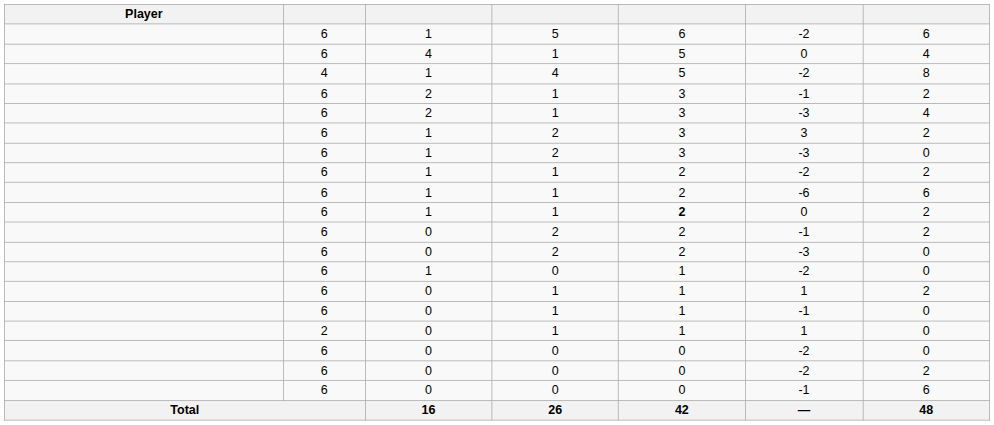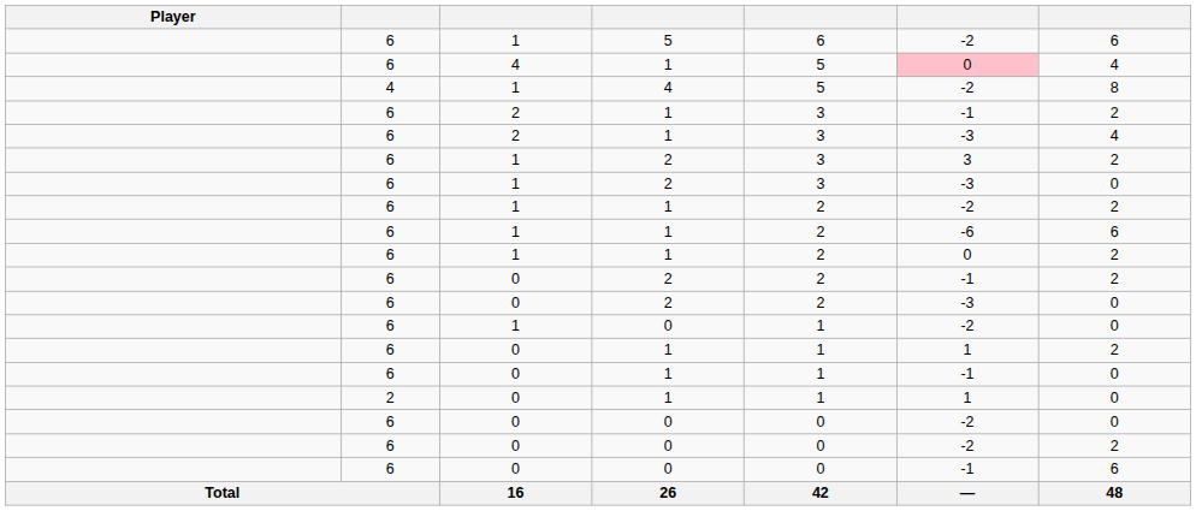 <table class="wikitable sortable" style="width:100%; text-align:center;">
 <tr>
 <th>Player</th>
 <th></th>
 <th></th>
 <th></th>
 <th></th>
 <th data-sort-type="number"></th>
 <th></th>
 </tr>
 <tr>
 <td></td>
 <td>6</td>
 <td>1</td>
 <td>5</td>
 <td>6</td>
 <td>-2</td>
 <td>6</td>
 </tr>
 <tr>
 <td></td>
 <td>6</td>
 <td>4</td>
 <td>1</td>
 <td>5</td>
-<td>0</td>
+<td style="background: pink;">0</td>
 <td>4</td>
 </tr>
 <tr>
 <td></td>
 <td>4</td>
 <td>1</td>
 <td>4</td>
 <td>5</td>
 <td>-2</td>
 <td>8</td>
 </tr>
 <tr>
 <td></td>
 <td>6</td>
 <td>2</td>
 <td>1</td>
 <td>3</td>
 <td>-1</td>
 <td>2</td>
 </tr>
 <tr>
 <td></td>
 <td>6</td>
 <td>2</td>
 <td>1</td>
 <td>3</td>
 <td>-3</td>
 <td>4</td>
 </tr>
 <tr>
 <td></td>
 <td>6</td>
 <td>1</td>
 <td>2</td>
 <td>3</td>
 <td>3</td>
 <td>2</td>
 </tr>
 <tr>
 <td></td>
 <td>6</td>
 <td>1</td>
 <td>2</td>
 <td>3</td>
 <td>-3</td>
 <td>0</td>
 </tr>
 <tr>
 <td></td>
 <td>6</td>
 <td>1</td>
 <td>1</td>
 <td>2</td>
 <td>-2</td>
 <td>2</td>
 </tr>
 <tr>
 <td></td>
 <td>6</td>
 <td>1</td>
 <td>1</td>
 <td>2</td>
 <td>-6</td>
 <td>6</td>
 </tr>
 <tr>
 <td></td>
 <td>6</td>
 <td>1</td>
 <td>1</td>
-<td><strong>2</strong></td>
+<td>2</td>
 <td>0</td>
 <td>2</td>
 </tr>
 <tr>
 <td></td>
 <td>6</td>
 <td>0</td>
 <td>2</td>
 <td>2</td>
 <td>-1</td>
 <td>2</td>
 </tr>
 <tr>
 <td></td>
 <td>6</td>
 <td>0</td>
 <td>2</td>
 <td>2</td>
 <td>-3</td>
 <td>0</td>
 </tr>
 <tr>
 <td></td>
 <td>6</td>
 <td>1</td>
 <td>0</td>
 <td>1</td>
 <td>-2</td>
 <td>0</td>
 </tr>
 <tr>
 <td></td>
 <td>6</td>
 <td>0</td>
 <td>1</td>
 <td>1</td>
 <td>1</td>
 <td>2</td>
 </tr>
 <tr>
 <td></td>
 <td>6</td>
 <td>0</td>
 <td>1</td>
 <td>1</td>
 <td>-1</td>
 <td>0</td>
 </tr>
 <tr>
 <td></td>
 <td>2</td>
 <td>0</td>
 <td>1</td>
 <td>1</td>
 <td>1</td>
 <td>0</td>
 </tr>
 <tr>
 <td></td>
 <td>6</td>
 <td>0</td>
 <td>0</td>
 <td>0</td>
 <td>-2</td>
 <td>0</td>
 </tr>
 <tr>
 <td></td>
 <td>6</td>
 <td>0</td>
 <td>0</td>
 <td>0</td>
 <td>-2</td>
 <td>2</td>
 </tr>
 <tr>
 <td></td>
 <td>6</td>
 <td>0</td>
 <td>0</td>
 <td>0</td>
 <td>-1</td>
 <td>6</td>
 </tr>
 <tr class="sortbottom">
 <th colspan=2>Total</th>
 <th>16</th>
 <th>26</th>
 <th>42</th>
 <th>—</th>
 <th>48</th>
 </tr>
 </table>
